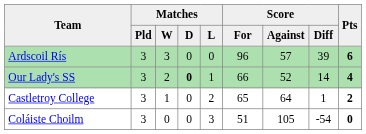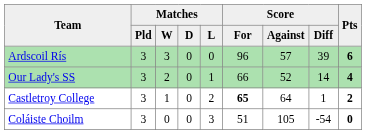 <table style=border-collapse:collapse border=1 cellspacing=0 cellpadding=5>
 <tr align=center bgcolor=#efefef>
 <th rowspan=2 width=165>Team</th>
 <th colspan=4>Matches</th>
 <th colspan=3>Score</th>
 <th rowspan=2width=20>Pts</th>
 </tr>
 <tr align=center bgcolor=#efefef>
 <th width=20>Pld</th>
 <th width=20>W</th>
 <th width=20>D</th>
 <th width=20>L</th>
 <th width=45>For</th>
 <th width=45>Against</th>
 <th width=30>Diff</th>
 </tr>
 <tr align=center style="background:#ACE1AF;">
 <td style="text-align:left;"><a href='#'>Ardscoil Rís</a></td>
 <td>3</td>
 <td>3</td>
 <td>0</td>
 <td>0</td>
 <td>96</td>
 <td>57</td>
 <td>39</td>
 <td><strong>6</strong></td>
 </tr>
 <tr align=center style="background:#ACE1AF;">
 <td style="text-align:left;"><a href='#'>Our Lady's SS</a></td>
 <td>3</td>
 <td>2</td>
-<td><strong>0</strong></td>
+<td>0</td>
 <td>1</td>
 <td>66</td>
 <td>52</td>
 <td>14</td>
 <td><strong>4</strong></td>
 </tr>
 <tr align=center>
 <td style="text-align:left;"><a href='#'>Castletroy College</a></td>
 <td>3</td>
 <td>1</td>
 <td>0</td>
 <td>2</td>
-<td>65</td>
+<td><strong>65</strong></td>
 <td>64</td>
 <td>1</td>
 <td><strong>2</strong></td>
 </tr>
 <tr align=center>
 <td style="text-align:left;"><a href='#'>Coláiste Choilm</a></td>
 <td>3</td>
 <td>0</td>
 <td>0</td>
 <td>3</td>
 <td>51</td>
 <td>105</td>
 <td>-54</td>
 <td><strong>0</strong></td>
 </tr>
 </table>
